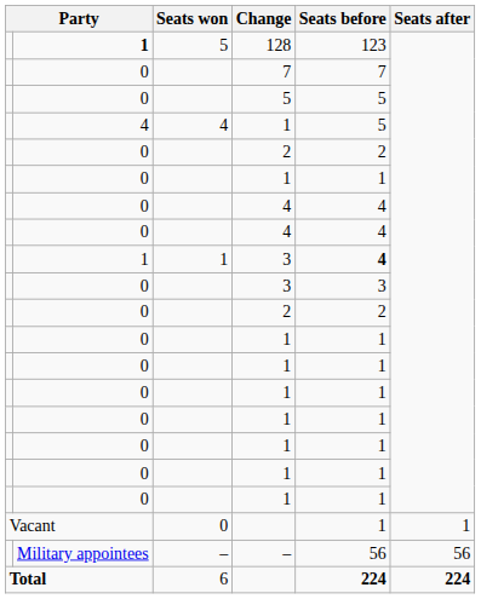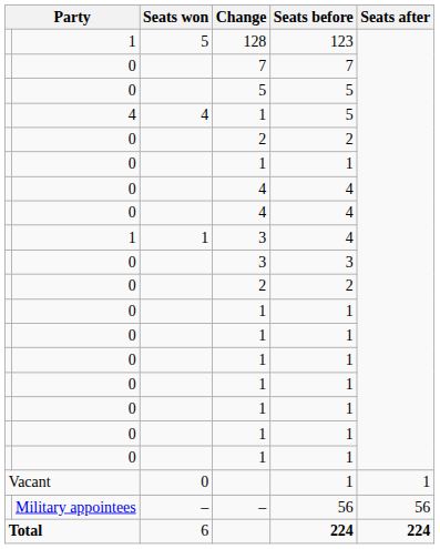 <table class="wikitable sortable" style=text-align:right>
 <tr>
 <th colspan=2>Party</th>
 <th>Seats won</th>
 <th>Change</th>
 <th>Seats before</th>
 <th>Seats after</th>
 </tr>
 <tr>
 <td></td>
-<td><strong>1</strong></td>
+<td>1</td>
 <td> 5</td>
 <td>128</td>
 <td>123</td>
 </tr>
 <tr>
 <td></td>
 <td>0</td>
 <td></td>
 <td>7</td>
 <td>7</td>
 </tr>
 <tr>
 <td></td>
 <td>0</td>
 <td></td>
 <td>5</td>
 <td>5</td>
 </tr>
 <tr>
 <td></td>
 <td>4</td>
 <td> 4</td>
 <td>1</td>
 <td>5</td>
 </tr>
 <tr>
 <td></td>
 <td>0</td>
 <td></td>
 <td>2</td>
 <td>2</td>
 </tr>
 <tr>
 <td></td>
 <td>0</td>
 <td></td>
 <td>1</td>
 <td>1</td>
 </tr>
 <tr>
 <td></td>
 <td>0</td>
 <td></td>
 <td>4</td>
 <td>4</td>
 </tr>
 <tr>
 <td></td>
 <td>0</td>
 <td></td>
 <td>4</td>
 <td>4</td>
 </tr>
 <tr>
 <td></td>
 <td>1</td>
 <td> 1</td>
 <td>3</td>
-<td><strong>4</strong></td>
+<td>4</td>
 </tr>
 <tr>
 <td></td>
 <td>0</td>
 <td></td>
 <td>3</td>
 <td>3</td>
 </tr>
 <tr>
 <td></td>
 <td>0</td>
 <td></td>
 <td>2</td>
 <td>2</td>
 </tr>
 <tr>
 <td></td>
 <td>0</td>
 <td></td>
 <td>1</td>
 <td>1</td>
 </tr>
 <tr>
 <td></td>
 <td>0</td>
 <td></td>
 <td>1</td>
 <td>1</td>
 </tr>
 <tr>
 <td></td>
 <td>0</td>
 <td></td>
 <td>1</td>
 <td>1</td>
 </tr>
 <tr>
 <td></td>
 <td>0</td>
 <td></td>
 <td>1</td>
 <td>1</td>
 </tr>
 <tr>
 <td></td>
 <td>0</td>
 <td></td>
 <td>1</td>
 <td>1</td>
 </tr>
 <tr>
 <td></td>
 <td>0</td>
 <td></td>
 <td>1</td>
 <td>1</td>
 </tr>
 <tr>
 <td></td>
 <td>0</td>
 <td></td>
 <td>1</td>
 <td>1</td>
 </tr>
 <tr>
 <td colspan=2 align=left>Vacant</td>
 <td>0</td>
 <td></td>
 <td>1</td>
 <td>1</td>
 </tr>
 <tr>
 <td></td>
 <td align=left><a href='#'>Military appointees</a></td>
 <td>–</td>
 <td>–</td>
 <td>56</td>
 <td>56</td>
 </tr>
 <tr>
 <td align=left colspan=2><strong>Total</strong></td>
 <td>6</td>
 <td></td>
 <td><strong>224</strong></td>
 <td><strong>224</strong></td>
 </tr>
 </table>
